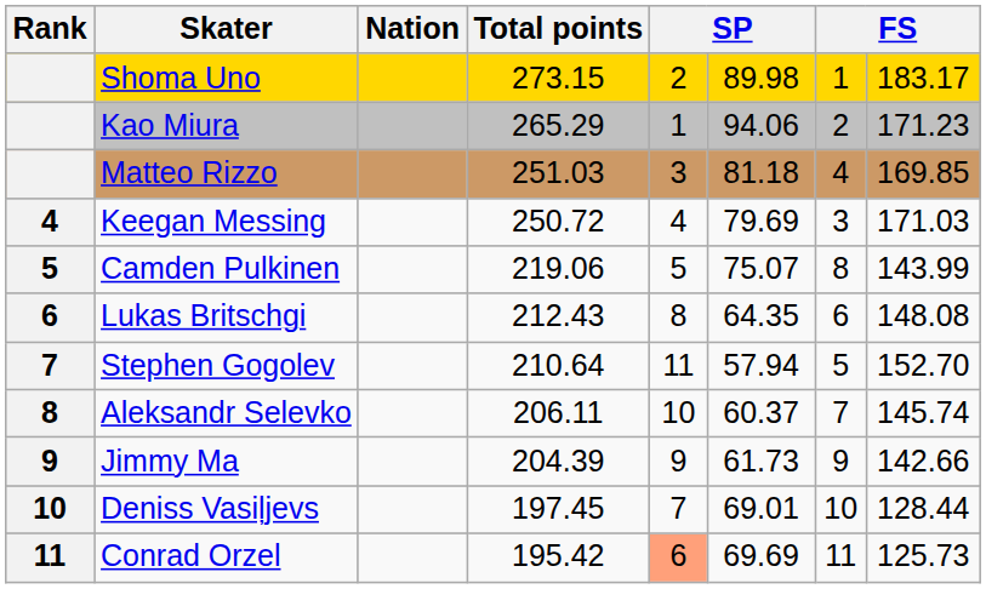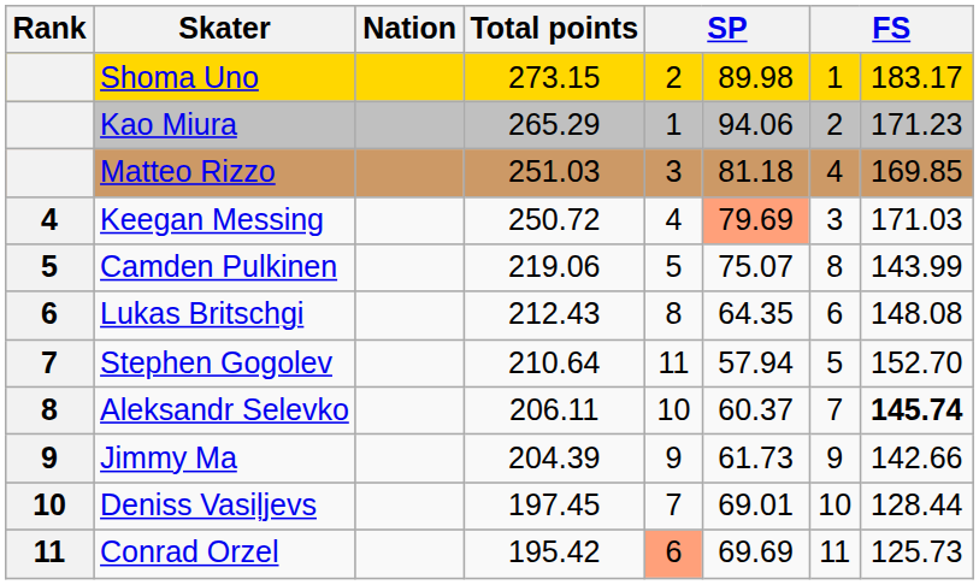 <table class="wikitable sortable" style="text-align:left">
 <tr>
 <th scope="col">Rank</th>
 <th scope="col">Skater</th>
 <th scope="col">Nation</th>
 <th scope="col">Total points</th>
 <th scope="col" colspan="2" width="80px"><a href='#'>SP</a></th>
 <th scope="col" colspan="2" width="80px"><a href='#'>FS</a></th>
 </tr>
 <tr bgcolor="gold">
 <th scope="row"></th>
 <td><a href='#'>Shoma Uno</a></td>
 <td></td>
 <td align="center">273.15</td>
 <td align="center">2</td>
 <td align="center">89.98</td>
 <td align="center">1</td>
 <td align="center">183.17</td>
 </tr>
 <tr bgcolor="silver">
 <th scope="row"></th>
 <td><a href='#'>Kao Miura</a></td>
 <td></td>
 <td align="center">265.29</td>
 <td align="center">1</td>
 <td align="center">94.06</td>
 <td align="center">2</td>
 <td align="center">171.23</td>
 </tr>
 <tr bgcolor="cc9966">
 <th scope="row"></th>
 <td><a href='#'>Matteo Rizzo</a></td>
 <td></td>
 <td align="center">251.03</td>
 <td align="center">3</td>
 <td align="center">81.18</td>
 <td align="center">4</td>
 <td align="center">169.85</td>
 </tr>
 <tr>
 <th scope="row">4</th>
 <td><a href='#'>Keegan Messing</a></td>
 <td></td>
 <td align="center">250.72</td>
 <td align="center">4</td>
-<td align="center">79.69</td>
+<td align="center" style="background: lightsalmon;">79.69</td>
 <td align="center">3</td>
 <td align="center">171.03</td>
 </tr>
 <tr>
 <th scope="row">5</th>
 <td><a href='#'>Camden Pulkinen</a></td>
 <td></td>
 <td align="center">219.06</td>
 <td align="center">5</td>
 <td align="center">75.07</td>
 <td align="center">8</td>
 <td align="center">143.99</td>
 </tr>
 <tr>
 <th scope="row">6</th>
 <td><a href='#'>Lukas Britschgi</a></td>
 <td></td>
 <td align="center">212.43</td>
 <td align="center">8</td>
 <td align="center">64.35</td>
 <td align="center">6</td>
 <td align="center">148.08</td>
 </tr>
 <tr>
 <th scope="row">7</th>
 <td><a href='#'>Stephen Gogolev</a></td>
 <td></td>
 <td align="center">210.64</td>
 <td align="center">11</td>
 <td align="center">57.94</td>
 <td align="center">5</td>
 <td align="center">152.70</td>
 </tr>
 <tr>
 <th scope="row">8</th>
 <td><a href='#'>Aleksandr Selevko</a></td>
 <td></td>
 <td align="center">206.11</td>
 <td align="center">10</td>
 <td align="center">60.37</td>
 <td align="center">7</td>
-<td align="center">145.74</td>
+<td align="center"><strong>145.74</strong></td>
 </tr>
 <tr>
 <th scope="row">9</th>
 <td><a href='#'>Jimmy Ma</a></td>
 <td></td>
 <td align="center">204.39</td>
 <td align="center">9</td>
 <td align="center">61.73</td>
 <td align="center">9</td>
 <td align="center">142.66</td>
 </tr>
 <tr>
 <th scope="row">10</th>
 <td><a href='#'>Deniss Vasiļjevs</a></td>
 <td></td>
 <td align="center">197.45</td>
 <td align="center">7</td>
 <td align="center">69.01</td>
 <td align="center">10</td>
 <td align="center">128.44</td>
 </tr>
 <tr>
 <th scope="row">11</th>
 <td><a href='#'>Conrad Orzel</a></td>
 <td></td>
 <td align="center">195.42</td>
 <td align="center" style="background: lightsalmon;">6</td>
 <td align="center">69.69</td>
 <td align="center">11</td>
 <td align="center">125.73</td>
 </tr>
 </table>
